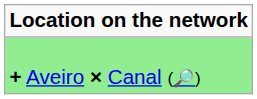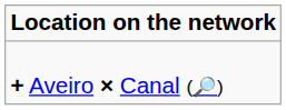 <table role="presentation" class="wikitable mw-collapsible mw-collapsed floatright">
 <tr>
 <td><strong>Location on the network</strong></td>
 </tr>
 <tr>
-<td style="background: lightgreen;"><br><span><strong>+</strong> <a href='#'>Aveiro</a></span> <span><strong>×</strong> <a href='#'>Canal</a></span> <small>(<a href='#'>🔎</a>)</small></td>
+<td><br><span><strong>+</strong> <a href='#'>Aveiro</a></span> <span><strong>×</strong> <a href='#'>Canal</a></span> <small>(<a href='#'>🔎</a>)</small></td>
 </tr>
 </table>
